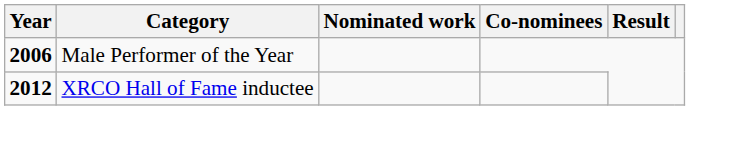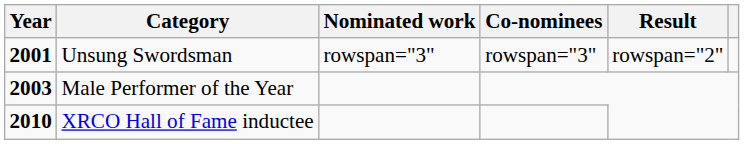 <table class="wikitable">
 <tr>
 <th>Year</th>
 <th>Category</th>
 <th>Nominated work</th>
 <th>Co-nominees</th>
 <th>Result</th>
 <th></th>
 </tr>
 <tr>
-<td><strong>2006</strong></td>
+<td><strong>2001</strong></td>
+<td>Unsung Swordsman</td>
+<td>rowspan="3" </td>
+<td>rowspan="3" </td>
+<td>rowspan="2" </td>
+<td></td>
+</tr>
+<tr>
+<td><strong>2003</strong></td>
 <td>Male Performer of the Year</td>
 <td></td>
 </tr>
 <tr>
-<td><strong>2012</strong></td>
+<td><strong>2010</strong></td>
 <td><a href='#'>XRCO Hall of Fame</a> inductee</td>
 <td></td>
 <td></td>
 </tr>
 </table>
